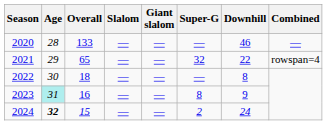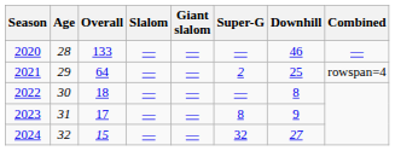 <table class=wikitable style="text-align:center">
 <tr>
 <th>Season</th>
 <th>Age</th>
 <th>Overall</th>
 <th>Slalom</th>
 <th>Giant<br>slalom</th>
 <th>Super-G</th>
 <th>Downhill</th>
 <th>Combined</th>
 </tr>
 <tr>
 <td><a href='#'>2020</a></td>
 <td><em>28</em></td>
 <td><a href='#'>133</a></td>
 <td><a href='#'>—</a></td>
 <td><a href='#'>—</a></td>
 <td><a href='#'>—</a></td>
 <td><a href='#'>46</a></td>
 <td><a href='#'>—</a></td>
 </tr>
 <tr>
 <td><a href='#'>2021</a></td>
 <td><em>29</em></td>
-<td><a href='#'>65</a></td>
+<td><a href='#'>64</a></td>
 <td><a href='#'>—</a></td>
 <td><a href='#'>—</a></td>
-<td><a href='#'>32</a></td>
-<td><a href='#'>22</a></td>
+<td><em><a href='#'>2</a></em></td>
+<td><a href='#'>25</a></td>
 <td>rowspan=4 </td>
 </tr>
 <tr>
 <td><a href='#'>2022</a></td>
 <td><em>30</em></td>
 <td><a href='#'>18</a></td>
 <td><a href='#'>—</a></td>
 <td><a href='#'>—</a></td>
 <td><a href='#'>—</a></td>
 <td><a href='#'>8</a></td>
 </tr>
 <tr>
 <td><a href='#'>2023</a></td>
-<td style="background: paleturquoise;"><em>31</em></td>
-<td><a href='#'>16</a></td>
+<td><em>31</em></td>
+<td><a href='#'>17</a></td>
 <td><a href='#'>—</a></td>
 <td><a href='#'>—</a></td>
 <td><a href='#'>8</a></td>
 <td><a href='#'>9</a></td>
 </tr>
 <tr>
 <td><a href='#'>2024</a></td>
-<td><strong><em>32</em></strong></td>
+<td><em>32</em></td>
 <td><em><a href='#'>15</a></em></td>
 <td><a href='#'>—</a></td>
 <td><a href='#'>—</a></td>
-<td><em><a href='#'>2</a></em></td>
-<td><em><a href='#'>24</a></em></td>
+<td><a href='#'>32</a></td>
+<td><em><a href='#'>27</a></em></td>
 </tr>
 </table>
